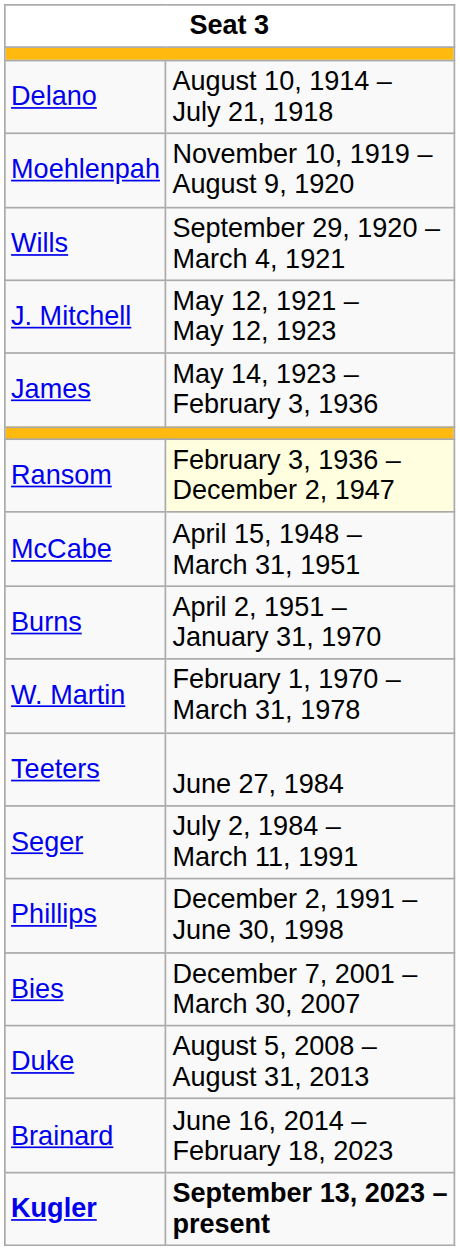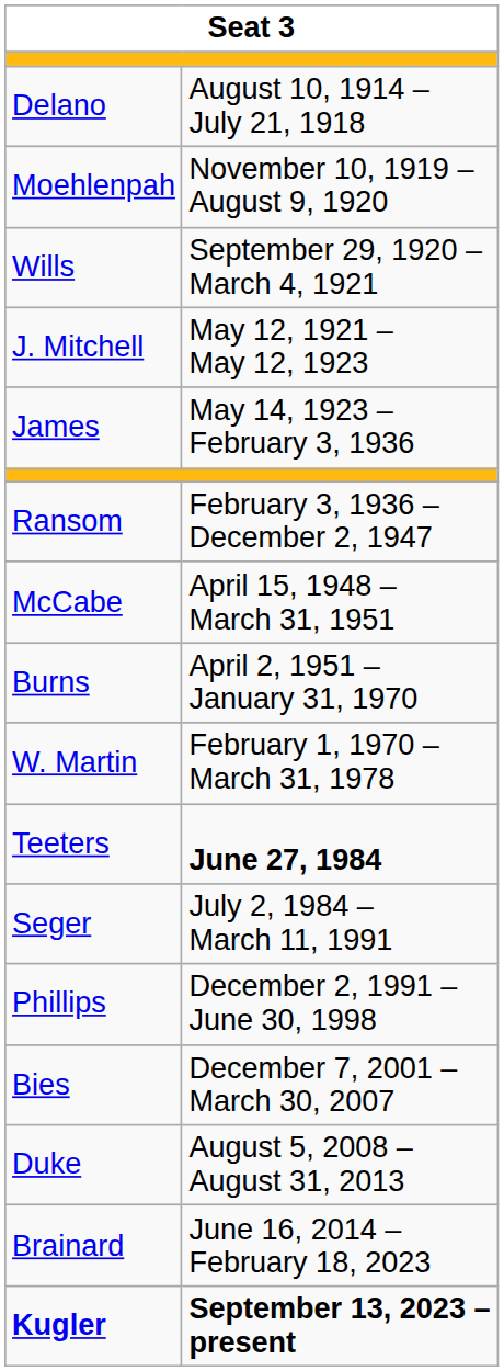 <table class="wikitable">
 <tr>
 <th colspan="2" style="background:#fff;">Seat 3</th>
 </tr>
 <tr>
 <td colspan="2" style="background: #FFB90F;"></td>
 </tr>
 <tr>
 <td><a href='#'>Delano</a></td>
 <td>August 10, 1914 –<br>July 21, 1918</td>
 </tr>
 <tr>
 <td><a href='#'>Moehlenpah</a></td>
 <td>November 10, 1919 –<br>August 9, 1920</td>
 </tr>
 <tr>
 <td><a href='#'>Wills</a></td>
 <td>September 29, 1920 –<br>March 4, 1921</td>
 </tr>
 <tr>
 <td><a href='#'>J. Mitchell</a></td>
 <td>May 12, 1921 –<br>May 12, 1923</td>
 </tr>
 <tr>
 <td><a href='#'>James</a></td>
 <td>May 14, 1923 –<br>February 3, 1936</td>
 </tr>
 <tr>
 <td colspan="2" style="background: #FFB90F;"></td>
 </tr>
 <tr>
 <td><a href='#'>Ransom</a></td>
-<td style="background: lightyellow;">February 3, 1936 –<br>December 2, 1947</td>
+<td>February 3, 1936 –<br>December 2, 1947</td>
 </tr>
 <tr>
 <td><a href='#'>McCabe</a></td>
 <td>April 15, 1948 –<br>March 31, 1951</td>
 </tr>
 <tr>
 <td><a href='#'>Burns</a></td>
 <td>April 2, 1951 –<br>January 31, 1970</td>
 </tr>
 <tr>
 <td><a href='#'>W. Martin</a></td>
 <td>February 1, 1970 –<br>March 31, 1978</td>
 </tr>
 <tr>
 <td><a href='#'>Teeters</a></td>
-<td><br>June 27, 1984</td>
+<td><strong><br>June 27, 1984</strong></td>
 </tr>
 <tr>
 <td><a href='#'>Seger</a></td>
 <td>July 2, 1984 –<br>March 11, 1991</td>
 </tr>
 <tr>
 <td><a href='#'>Phillips</a></td>
 <td>December 2, 1991 –<br>June 30, 1998</td>
 </tr>
 <tr>
 <td><a href='#'>Bies</a></td>
 <td>December 7, 2001 –<br>March 30, 2007</td>
 </tr>
 <tr>
 <td><a href='#'>Duke</a></td>
 <td>August 5, 2008 –<br>August 31, 2013</td>
 </tr>
 <tr>
 <td><a href='#'>Brainard</a></td>
 <td>June 16, 2014 –<br>February 18, 2023</td>
 </tr>
 <tr>
 <td><strong><a href='#'>Kugler</a></strong></td>
 <td><strong>September 13, 2023 –<br>present</strong></td>
 </tr>
 </table>
